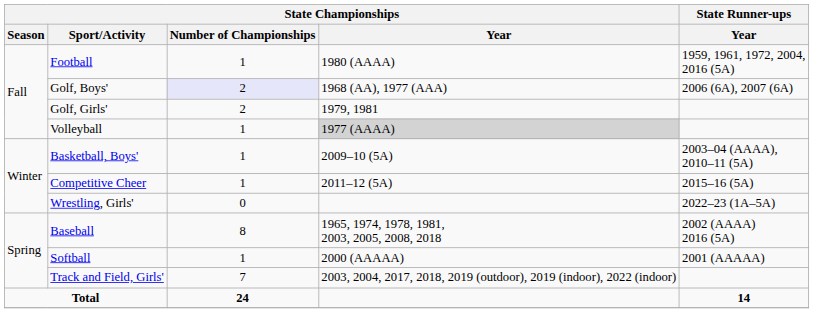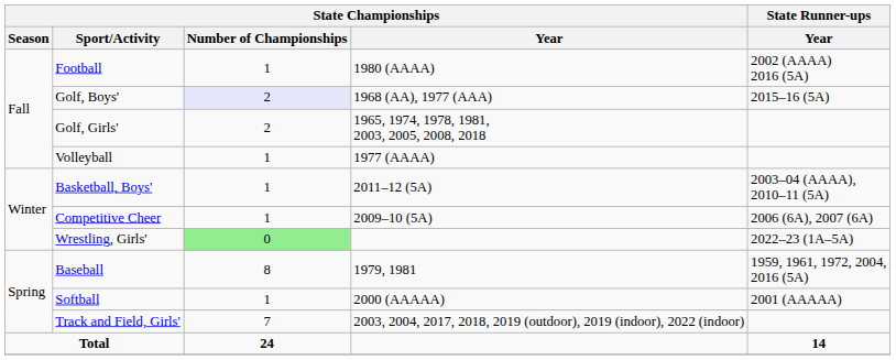 <table class="wikitable">
 <tr>
 <th colspan="4">State Championships</th>
 <th>State Runner-ups</th>
 </tr>
 <tr>
 <th>Season</th>
 <th>Sport/Activity</th>
 <th>Number of Championships</th>
 <th>Year</th>
 <th>Year</th>
 </tr>
 <tr>
 <td rowspan="4">Fall</td>
 <td><a href='#'>Football</a></td>
 <td align="center">1</td>
 <td>1980 (AAAA)</td>
-<td>1959, 1961, 1972, 2004,<br>2016 (5A)</td>
+<td>2002 (AAAA)<br>2016 (5A)</td>
 </tr>
 <tr>
 <td>Golf, Boys'</td>
 <td align="center" style="background: lavender;">2</td>
 <td>1968 (AA), 1977 (AAA)</td>
-<td>2006 (6A), 2007 (6A)</td>
+<td>2015–16 (5A)</td>
 </tr>
 <tr>
 <td>Golf, Girls'</td>
 <td align="center">2</td>
-<td>1979, 1981</td>
+<td>1965, 1974, 1978, 1981,<br>2003, 2005, 2008, 2018</td>
 <td></td>
 </tr>
 <tr>
 <td>Volleyball</td>
 <td align="center">1</td>
-<td style="background: lightgrey;">1977 (AAAA)</td>
+<td>1977 (AAAA)</td>
 <td></td>
 </tr>
 <tr>
 <td rowspan="3">Winter</td>
 <td><a href='#'>Basketball, Boys'</a></td>
 <td align="center">1</td>
-<td>2009–10 (5A)</td>
+<td>2011–12 (5A)</td>
 <td>2003–04 (AAAA),<br> 2010–11 (5A)</td>
 </tr>
 <tr>
 <td><a href='#'>Competitive Cheer</a></td>
 <td align="center">1</td>
-<td>2011–12 (5A)</td>
-<td>2015–16 (5A)</td>
+<td>2009–10 (5A)</td>
+<td>2006 (6A), 2007 (6A)</td>
 </tr>
 <tr>
 <td><a href='#'>Wrestling</a>, Girls'</td>
-<td align="center">0</td>
+<td align="center" style="background: lightgreen;">0</td>
 <td></td>
 <td>2022–23 (1A–5A)</td>
 </tr>
 <tr>
 <td rowspan="3">Spring</td>
 <td><a href='#'>Baseball</a></td>
 <td align="center">8</td>
-<td>1965, 1974, 1978, 1981,<br>2003, 2005, 2008, 2018</td>
-<td>2002 (AAAA)<br>2016 (5A)</td>
+<td>1979, 1981</td>
+<td>1959, 1961, 1972, 2004,<br>2016 (5A)</td>
 </tr>
 <tr>
 <td><a href='#'>Softball</a></td>
 <td align="center">1</td>
 <td>2000 (AAAAA)</td>
 <td>2001 (AAAAA)</td>
 </tr>
 <tr>
 <td><a href='#'>Track and Field, Girls'</a></td>
 <td align="center">7</td>
 <td>2003, 2004, 2017, 2018, 2019 (outdoor), 2019 (indoor), 2022 (indoor)</td>
 <td></td>
 </tr>
 <tr>
 <td align="center" colspan="2"><strong>Total</strong></td>
 <td align="center"><strong>24</strong></td>
 <td></td>
 <td align="center"><strong>14</strong></td>
 </tr>
 <tr>
 </tr>
 </table>
